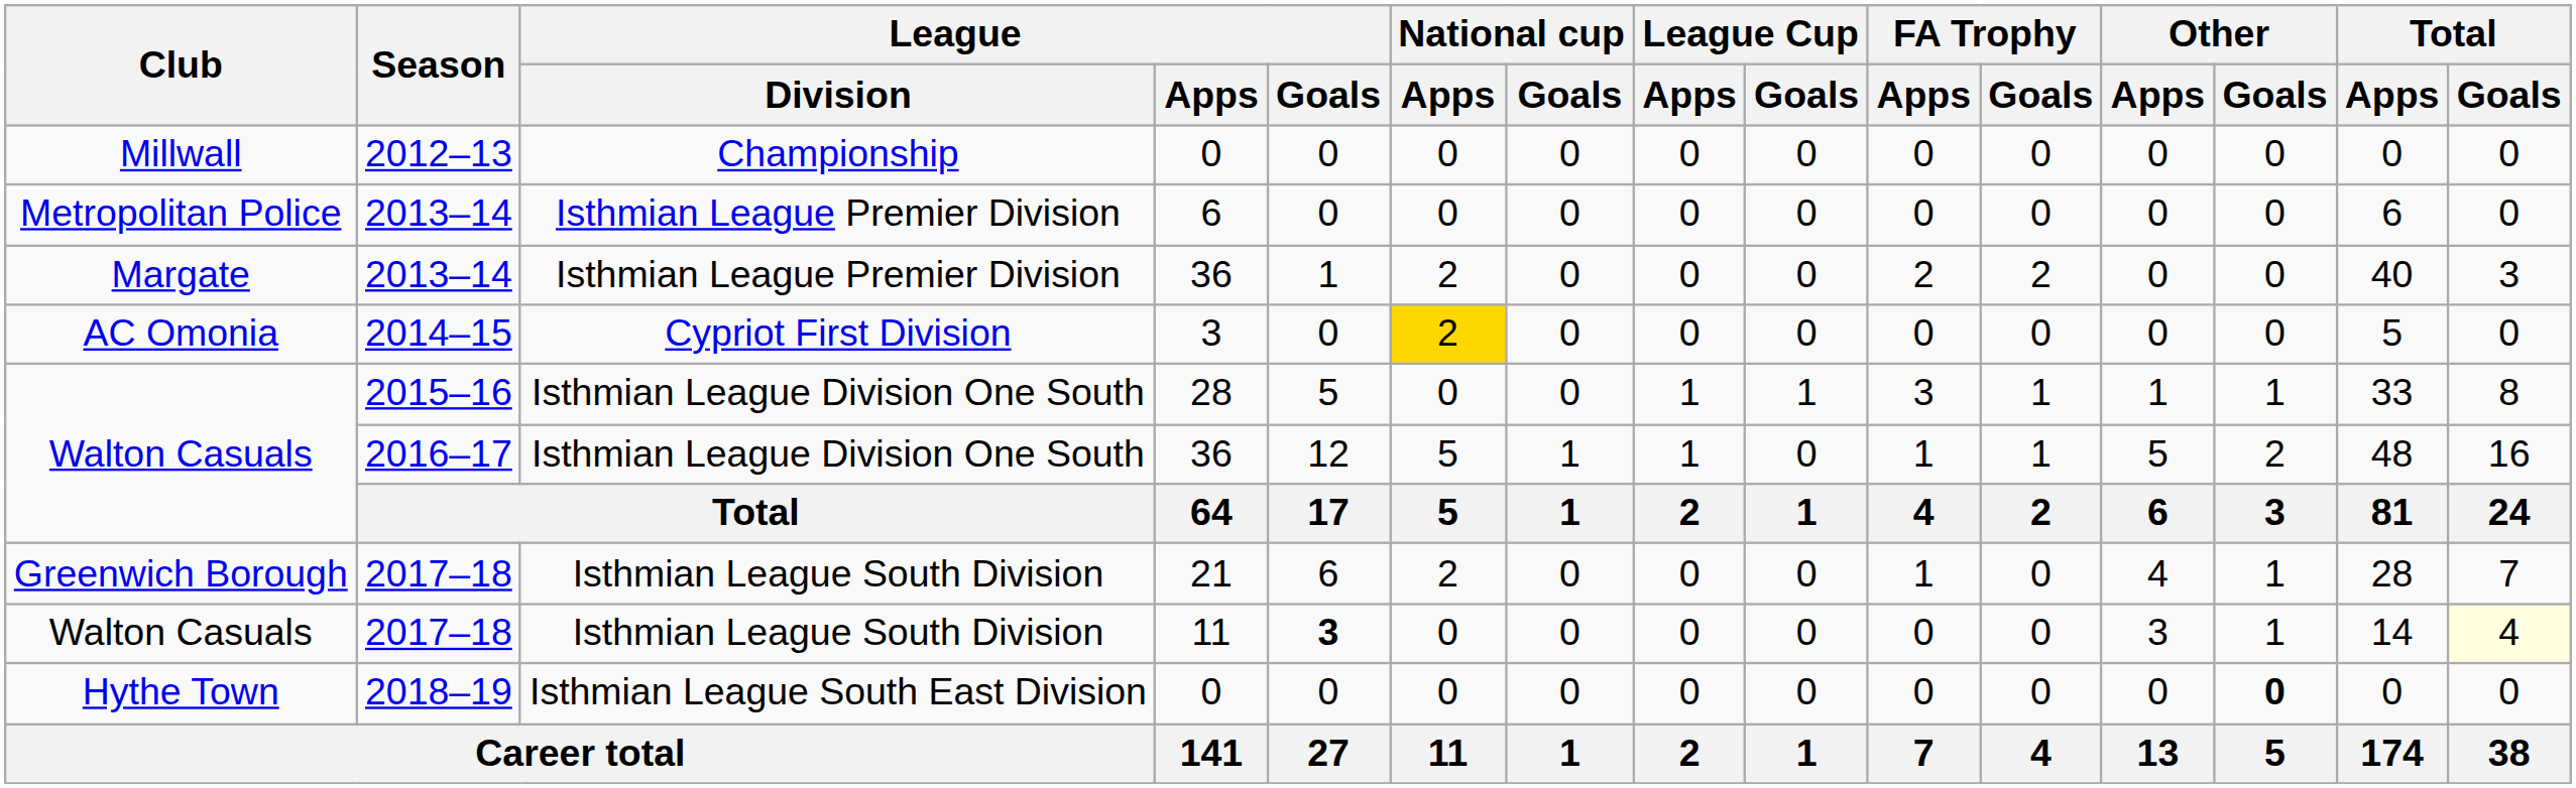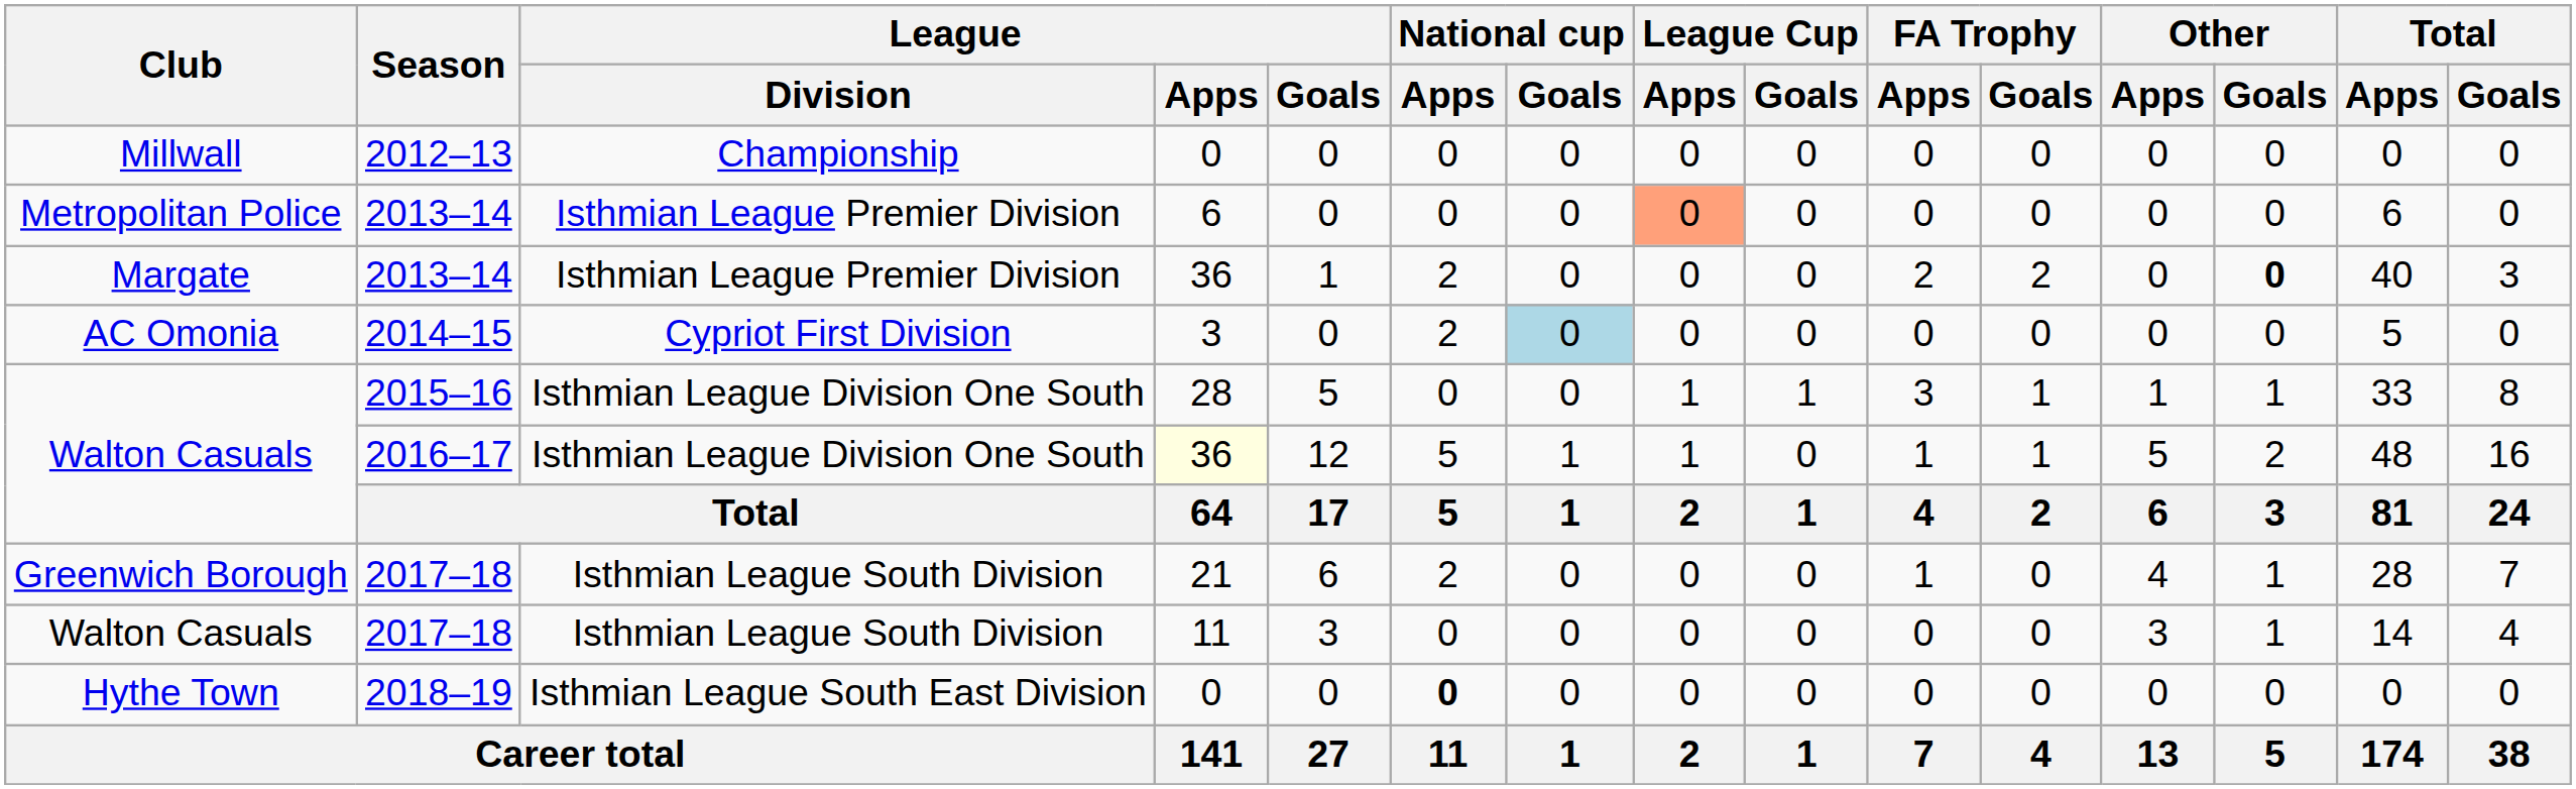 <table class="wikitable" style="text-align:center">
 <tr>
 <th rowspan="2">Club</th>
 <th rowspan="2">Season</th>
 <th colspan="3">League</th>
 <th colspan="2">National cup</th>
 <th colspan="2">League Cup</th>
 <th colspan="2">FA Trophy</th>
 <th colspan="2">Other</th>
 <th colspan="2">Total</th>
 </tr>
 <tr>
 <th>Division</th>
 <th>Apps</th>
 <th>Goals</th>
 <th>Apps</th>
 <th>Goals</th>
 <th>Apps</th>
 <th>Goals</th>
 <th>Apps</th>
 <th>Goals</th>
 <th>Apps</th>
 <th>Goals</th>
 <th>Apps</th>
 <th>Goals</th>
 </tr>
 <tr>
 <td><a href='#'>Millwall</a></td>
 <td><a href='#'>2012–13</a></td>
 <td><a href='#'>Championship</a></td>
 <td>0</td>
 <td>0</td>
 <td>0</td>
 <td>0</td>
 <td>0</td>
 <td>0</td>
 <td>0</td>
 <td>0</td>
 <td>0</td>
 <td>0</td>
 <td>0</td>
 <td>0</td>
 </tr>
 <tr>
 <td><a href='#'>Metropolitan Police</a></td>
 <td><a href='#'>2013–14</a></td>
 <td><a href='#'>Isthmian League</a> Premier Division</td>
 <td>6</td>
 <td>0</td>
 <td>0</td>
 <td>0</td>
-<td>0</td>
+<td style="background: lightsalmon;">0</td>
 <td>0</td>
 <td>0</td>
 <td>0</td>
 <td>0</td>
 <td>0</td>
 <td>6</td>
 <td>0</td>
 </tr>
 <tr>
 <td><a href='#'>Margate</a></td>
 <td><a href='#'>2013–14</a></td>
 <td>Isthmian League Premier Division</td>
 <td>36</td>
 <td>1</td>
 <td>2</td>
 <td>0</td>
 <td>0</td>
 <td>0</td>
 <td>2</td>
 <td>2</td>
 <td>0</td>
-<td>0</td>
+<td><strong>0</strong></td>
 <td>40</td>
 <td>3</td>
 </tr>
 <tr>
 <td><a href='#'>AC Omonia</a></td>
 <td><a href='#'>2014–15</a></td>
 <td><a href='#'>Cypriot First Division</a></td>
 <td>3</td>
 <td>0</td>
-<td style="background: gold;">2</td>
-<td>0</td>
+<td>2</td>
+<td style="background: lightblue;">0</td>
 <td>0</td>
 <td>0</td>
 <td>0</td>
 <td>0</td>
 <td>0</td>
 <td>0</td>
 <td>5</td>
 <td>0</td>
 </tr>
 <tr>
 <td rowspan="3"><a href='#'>Walton Casuals</a></td>
 <td><a href='#'>2015–16</a></td>
 <td>Isthmian League Division One South</td>
 <td>28</td>
 <td>5</td>
 <td>0</td>
 <td>0</td>
 <td>1</td>
 <td>1</td>
 <td>3</td>
 <td>1</td>
 <td>1</td>
 <td>1</td>
 <td>33</td>
 <td>8</td>
 </tr>
 <tr>
 <td><a href='#'>2016–17</a></td>
 <td>Isthmian League Division One South</td>
-<td>36</td>
+<td style="background: lightyellow;">36</td>
 <td>12</td>
 <td>5</td>
 <td>1</td>
 <td>1</td>
 <td>0</td>
 <td>1</td>
 <td>1</td>
 <td>5</td>
 <td>2</td>
 <td>48</td>
 <td>16</td>
 </tr>
 <tr>
 <th colspan="2">Total</th>
 <th>64</th>
 <th>17</th>
 <th>5</th>
 <th>1</th>
 <th>2</th>
 <th>1</th>
 <th>4</th>
 <th>2</th>
 <th>6</th>
 <th>3</th>
 <th>81</th>
 <th>24</th>
 </tr>
 <tr>
 <td><a href='#'>Greenwich Borough</a></td>
 <td><a href='#'>2017–18</a></td>
 <td>Isthmian League South Division</td>
 <td>21</td>
 <td>6</td>
 <td>2</td>
 <td>0</td>
 <td>0</td>
 <td>0</td>
 <td>1</td>
 <td>0</td>
 <td>4</td>
 <td>1</td>
 <td>28</td>
 <td>7</td>
 </tr>
 <tr>
 <td>Walton Casuals</td>
 <td><a href='#'>2017–18</a></td>
 <td>Isthmian League South Division</td>
 <td>11</td>
-<td><strong>3</strong></td>
+<td>3</td>
 <td>0</td>
 <td>0</td>
 <td>0</td>
 <td>0</td>
 <td>0</td>
 <td>0</td>
 <td>3</td>
 <td>1</td>
 <td>14</td>
-<td style="background: lightyellow;">4</td>
+<td>4</td>
 </tr>
 <tr>
 <td><a href='#'>Hythe Town</a></td>
 <td><a href='#'>2018–19</a></td>
 <td>Isthmian League South East Division</td>
 <td>0</td>
 <td>0</td>
+<td><strong>0</strong></td>
 <td>0</td>
 <td>0</td>
 <td>0</td>
 <td>0</td>
 <td>0</td>
 <td>0</td>
 <td>0</td>
-<td><strong>0</strong></td>
 <td>0</td>
 <td>0</td>
 </tr>
 <tr>
 <th colspan="3">Career total</th>
 <th>141</th>
 <th>27</th>
 <th>11</th>
 <th>1</th>
 <th>2</th>
 <th>1</th>
 <th>7</th>
 <th>4</th>
 <th>13</th>
 <th>5</th>
 <th>174</th>
 <th>38</th>
 </tr>
 </table>
